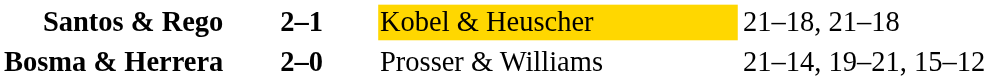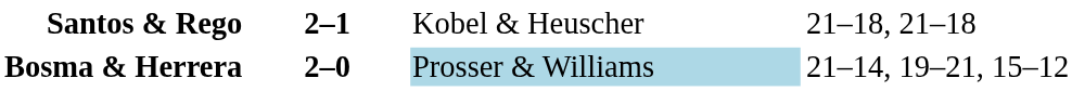 <table>
 <tr>
 <th width=200></th>
 <th width=80></th>
 <th width=200></th>
 <th width=220></th>
 </tr>
 <tr>
 <td align=right><strong>Santos & Rego</strong></td>
 <td align=center><strong>2–1</strong></td>
-<td align=left style="background: gold;">Kobel & Heuscher</td>
+<td align=left>Kobel & Heuscher</td>
 <td>21–18, 21–18</td>
 </tr>
 <tr>
 <td align=right><strong>Bosma & Herrera</strong></td>
 <td align=center><strong>2–0</strong></td>
-<td align=left>Prosser & Williams</td>
+<td align=left style="background: lightblue;">Prosser & Williams</td>
 <td>21–14, 19–21, 15–12</td>
 </tr>
 </table>
